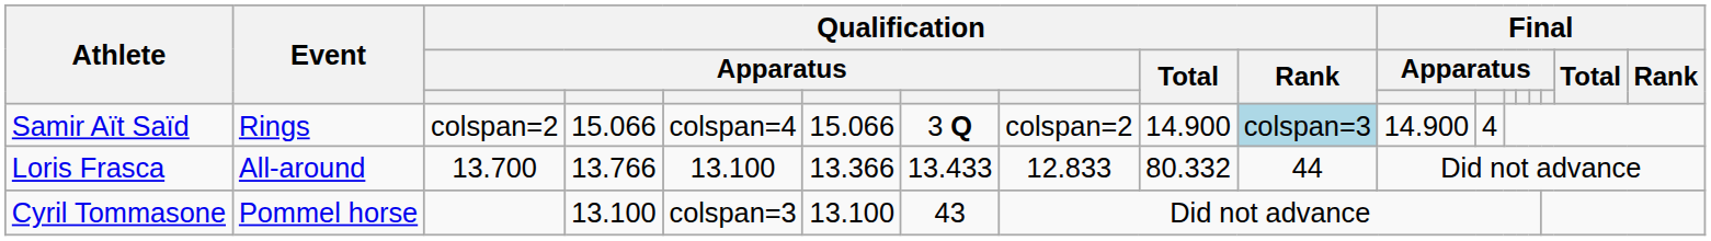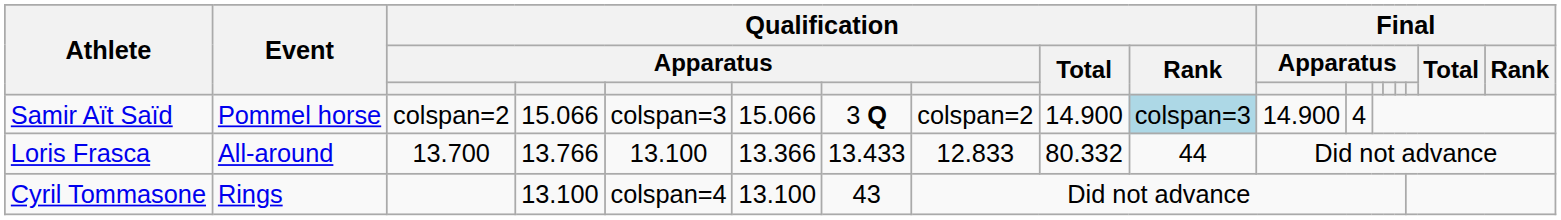 <table class="wikitable" style="font-size:90%">
 <tr>
 <th rowspan=3>Athlete</th>
 <th rowspan=3>Event</th>
 <th colspan =8>Qualification</th>
 <th colspan =8>Final</th>
 </tr>
 <tr style="font-size:95%">
 <th colspan=6>Apparatus</th>
 <th rowspan=2>Total</th>
 <th rowspan=2>Rank</th>
 <th colspan=6>Apparatus</th>
 <th rowspan=2>Total</th>
 <th rowspan=2>Rank</th>
 </tr>
 <tr style="font-size:95%">
 <th></th>
 <th></th>
 <th></th>
 <th></th>
 <th></th>
 <th></th>
 <th></th>
 <th></th>
 <th></th>
 <th></th>
 <th></th>
 <th></th>
 </tr>
 <tr align=center>
 <td align=left><a href='#'>Samir Aït Saïd</a></td>
-<td align=left><a href='#'>Rings</a></td>
+<td align=left><a href='#'>Pommel horse</a></td>
 <td>colspan=2 </td>
 <td>15.066</td>
-<td>colspan=4 </td>
+<td>colspan=3 </td>
 <td>15.066</td>
 <td>3 <strong>Q</strong></td>
 <td>colspan=2 </td>
 <td>14.900</td>
 <td style="background: lightblue;">colspan=3 </td>
 <td>14.900</td>
 <td>4</td>
 </tr>
 <tr align=center>
 <td align=left><a href='#'>Loris Frasca</a></td>
 <td align=left><a href='#'>All-around</a></td>
 <td>13.700</td>
 <td>13.766</td>
 <td>13.100</td>
 <td>13.366</td>
 <td>13.433</td>
 <td>12.833</td>
 <td>80.332</td>
 <td>44</td>
 <td colspan=8>Did not advance</td>
 </tr>
 <tr align=center>
 <td align=left><a href='#'>Cyril Tommasone</a></td>
-<td align=left><a href='#'>Pommel horse</a></td>
+<td align=left><a href='#'>Rings</a></td>
 <td></td>
 <td>13.100</td>
-<td>colspan=3 </td>
+<td>colspan=4 </td>
 <td>13.100</td>
 <td>43</td>
 <td colspan=8>Did not advance</td>
 </tr>
 </table>
